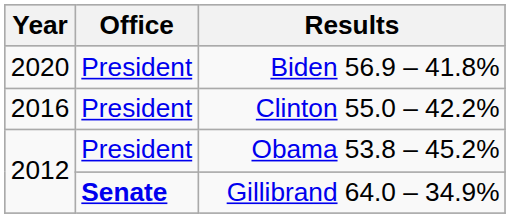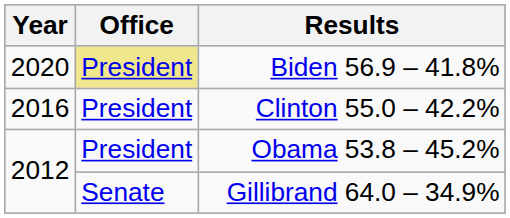 <table class=wikitable>
 <tr>
 <th width="30">Year</th>
 <th width="60">Office</th>
 <th width="180">Results</th>
 </tr>
 <tr>
 <td>2020</td>
-<td><a href='#'>President</a></td>
+<td style="background: khaki;"><a href='#'>President</a></td>
 <td align="right" ><a href='#'>Biden</a> 56.9 – 41.8%</td>
 </tr>
 <tr>
 <td>2016</td>
 <td><a href='#'>President</a></td>
 <td align="right" ><a href='#'>Clinton</a> 55.0 – 42.2%</td>
 </tr>
 <tr>
 <td rowspan="2">2012</td>
 <td><a href='#'>President</a></td>
 <td align="right" ><a href='#'>Obama</a> 53.8 – 45.2%</td>
 </tr>
 <tr>
-<td><strong><a href='#'>Senate</a></strong></td>
+<td><a href='#'>Senate</a></td>
 <td align="right" ><a href='#'>Gillibrand</a> 64.0 – 34.9%</td>
 </tr>
 </table>
